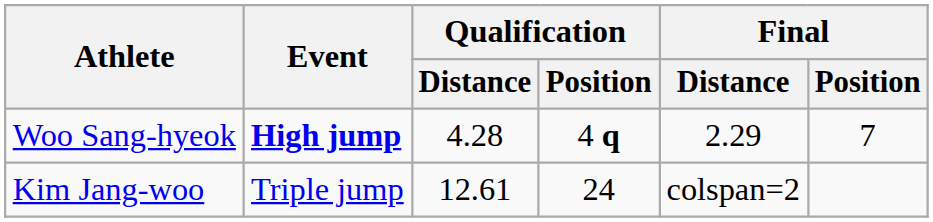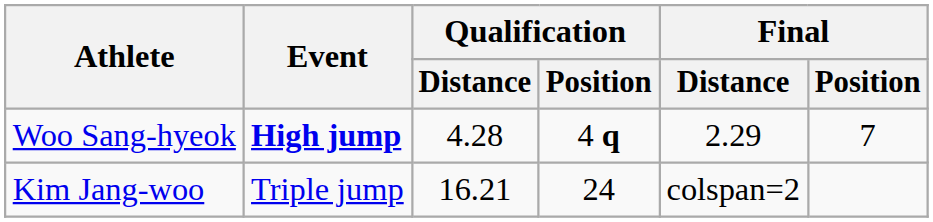 <table class=wikitable style=font-size:90%>
 <tr>
 <th rowspan=2>Athlete</th>
 <th rowspan=2>Event</th>
 <th colspan=2>Qualification</th>
 <th colspan=2>Final</th>
 </tr>
 <tr style=font-size:95%>
 <th>Distance</th>
 <th>Position</th>
 <th>Distance</th>
 <th>Position</th>
 </tr>
 <tr align=center>
 <td align=left><a href='#'>Woo Sang-hyeok</a></td>
 <td align=left><strong><a href='#'>High jump</a></strong></td>
 <td>4.28</td>
 <td>4 <strong>q</strong></td>
 <td>2.29</td>
 <td>7</td>
 </tr>
 <tr align=center>
 <td align=left><a href='#'>Kim Jang-woo</a></td>
 <td align=left><a href='#'>Triple jump</a></td>
-<td>12.61</td>
+<td>16.21</td>
 <td>24</td>
 <td>colspan=2 </td>
 </tr>
 </table>
